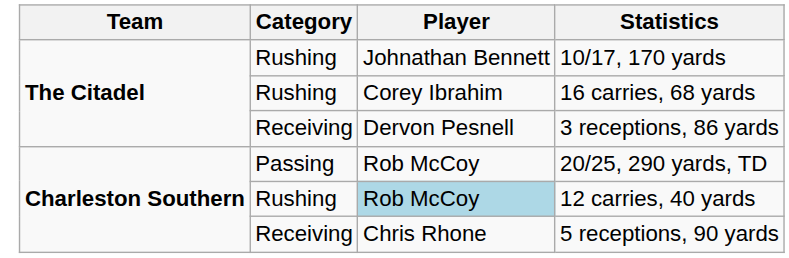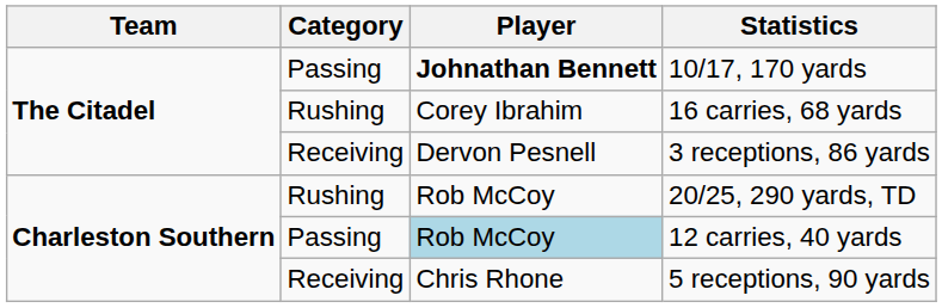 <table class="wikitable" style="float: right;">
 <tr>
 <th>Team</th>
 <th>Category</th>
 <th>Player</th>
 <th>Statistics</th>
 </tr>
 <tr>
 <td rowspan=3><strong>The Citadel</strong></td>
-<td>Rushing</td>
-<td>Johnathan Bennett</td>
+<td>Passing</td>
+<td><strong>Johnathan Bennett</strong></td>
 <td>10/17, 170 yards</td>
 </tr>
 <tr>
 <td>Rushing</td>
 <td>Corey Ibrahim</td>
 <td>16 carries, 68 yards</td>
 </tr>
 <tr>
 <td>Receiving</td>
 <td>Dervon Pesnell</td>
 <td>3 receptions, 86 yards</td>
 </tr>
 <tr>
 <td rowspan=3><strong>Charleston Southern</strong></td>
-<td>Passing</td>
+<td>Rushing</td>
 <td>Rob McCoy</td>
 <td>20/25, 290 yards, TD</td>
 </tr>
 <tr>
-<td>Rushing</td>
+<td>Passing</td>
 <td style="background: lightblue;">Rob McCoy</td>
 <td>12 carries, 40 yards</td>
 </tr>
 <tr>
 <td>Receiving</td>
 <td>Chris Rhone</td>
 <td>5 receptions, 90 yards</td>
 </tr>
 </table>
